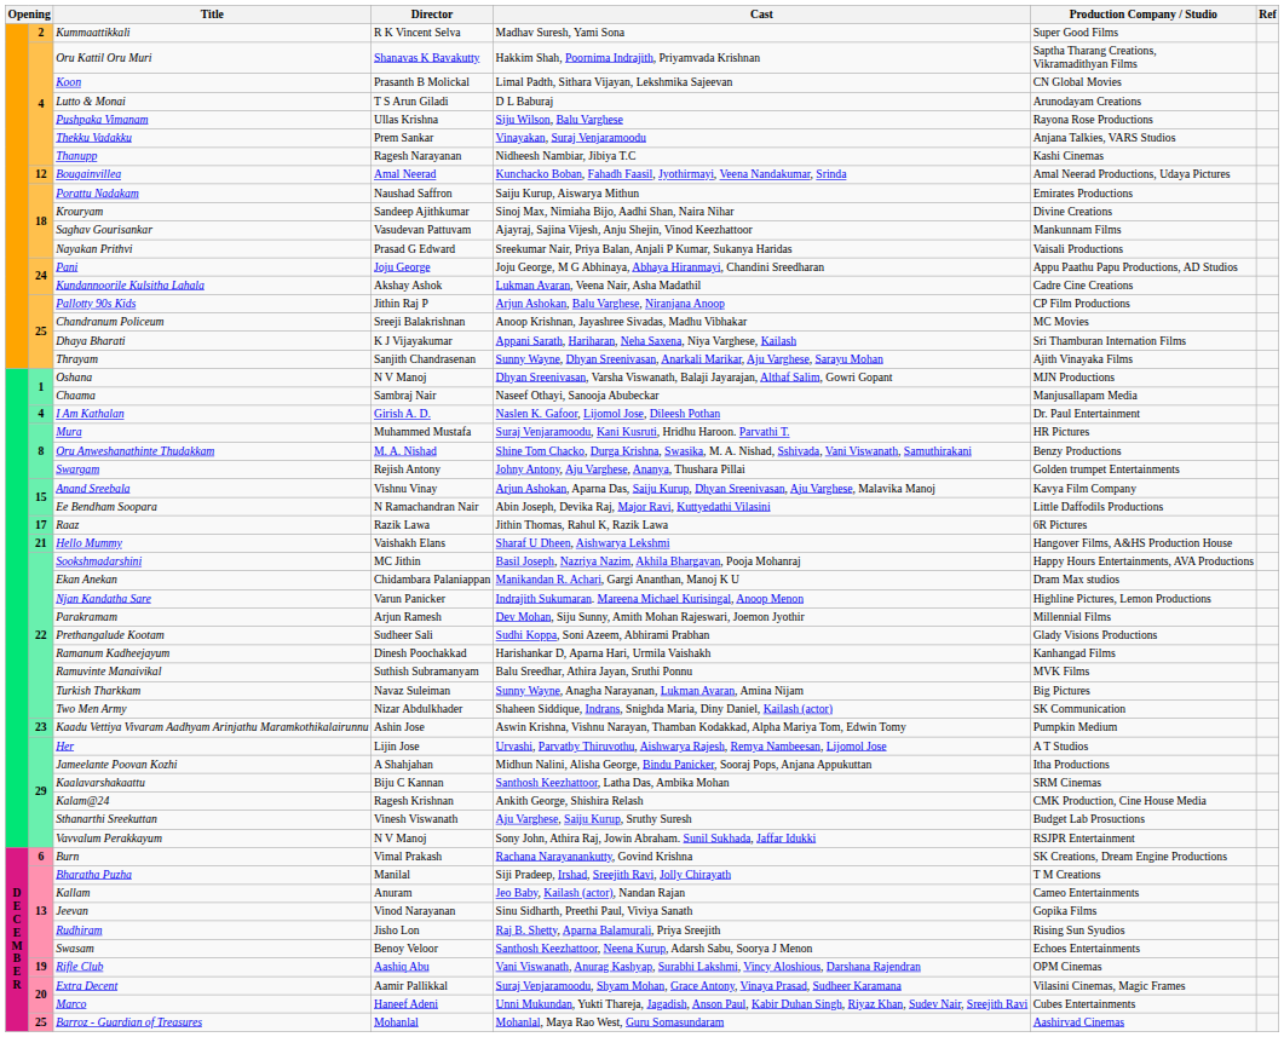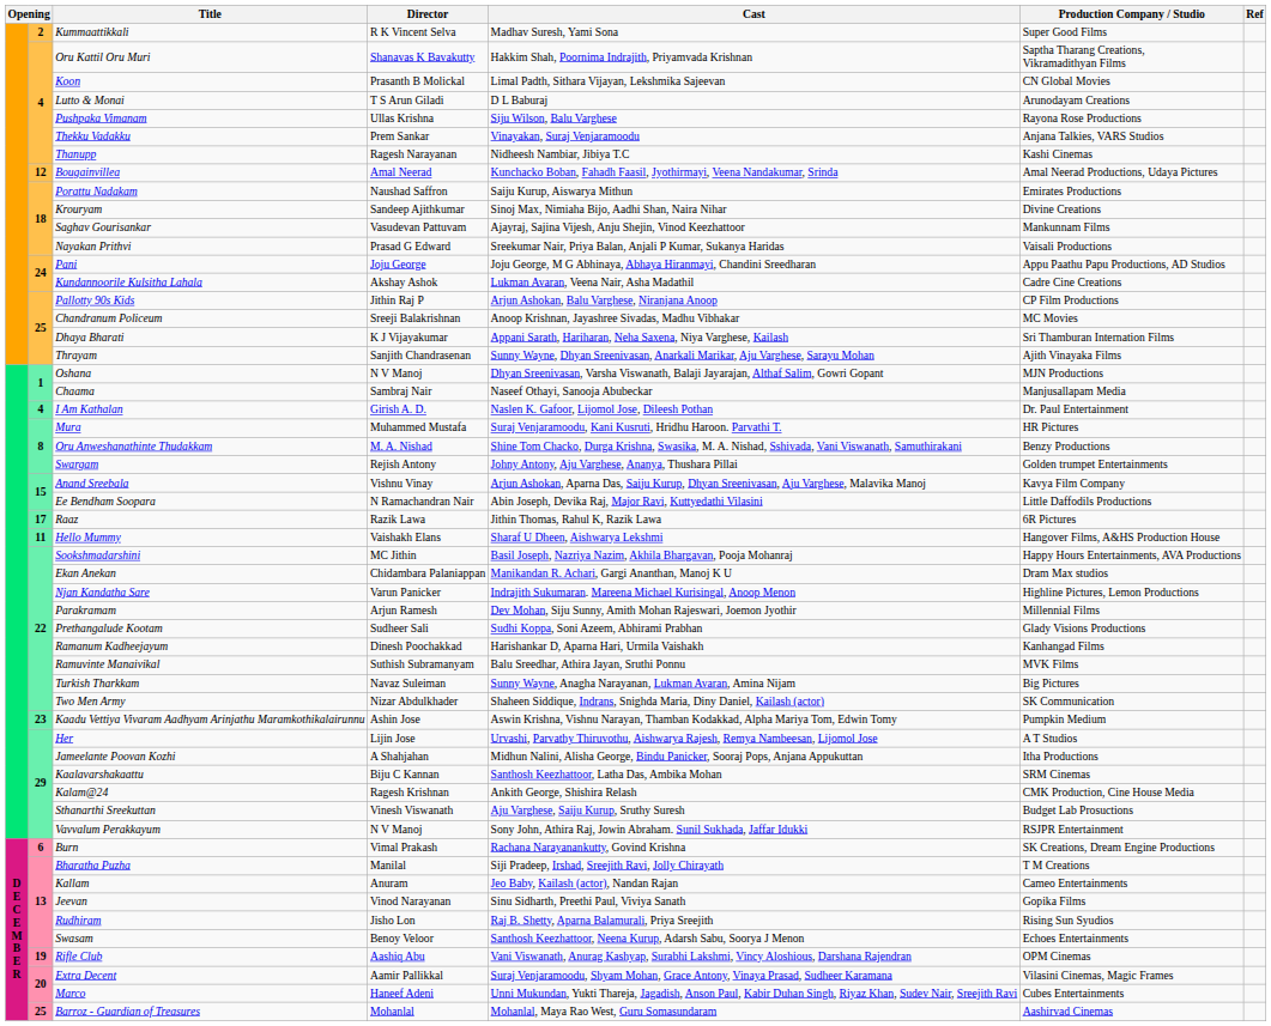 <table class="wikitable sortable">
 <tr>
 <th colspan="2" class="unsortable">Opening</th>
 <th>Title</th>
 <th>Director</th>
 <th>Cast</th>
 <th>Production Company / Studio</th>
 <th>Ref</th>
 </tr>
 <tr>
 <td rowspan="18" style="text-align:center; background:orange; textcolor:#000;"><strong></strong></td>
 <td rowspan="1" style="text-align:center;background:#ffc04c;"><strong>2</strong></td>
 <td><em>Kummaattikkali</em></td>
 <td>R K Vincent Selva</td>
 <td>Madhav Suresh, Yami Sona</td>
 <td>Super Good Films</td>
 <td></td>
 </tr>
 <tr October>
 <td rowspan="6" style="text-align:center;background:#ffc04c;"><strong>4</strong></td>
 <td><em>Oru Kattil Oru Muri</em></td>
 <td><a href='#'>Shanavas K Bavakutty</a></td>
 <td>Hakkim Shah, <a href='#'>Poornima Indrajith</a>, Priyamvada Krishnan</td>
 <td>Saptha Tharang Creations, <br> Vikramadithyan Films</td>
 <td></td>
 </tr>
 <tr>
 <td><em><a href='#'>Koon</a></em></td>
 <td>Prasanth B Molickal</td>
 <td>Limal Padth, Sithara Vijayan, Lekshmika Sajeevan</td>
 <td>CN Global Movies</td>
 <td></td>
 </tr>
 <tr>
 <td><em>Lutto & Monai</em></td>
 <td>T S Arun Giladi</td>
 <td>D L Baburaj</td>
 <td>Arunodayam Creations</td>
 <td></td>
 </tr>
 <tr>
 <td><em><a href='#'>Pushpaka Vimanam</a></em></td>
 <td>Ullas Krishna</td>
 <td><a href='#'>Siju Wilson</a>, <a href='#'>Balu Varghese</a></td>
 <td>Rayona Rose Productions</td>
 <td></td>
 </tr>
 <tr>
 <td><em><a href='#'>Thekku Vadakku</a></em></td>
 <td>Prem Sankar</td>
 <td><a href='#'>Vinayakan</a>, <a href='#'>Suraj Venjaramoodu</a></td>
 <td>Anjana Talkies, VARS Studios</td>
 <td></td>
 </tr>
 <tr>
 <td><em><a href='#'>Thanupp</a></em></td>
 <td>Ragesh Narayanan</td>
 <td>Nidheesh Nambiar, Jibiya T.C</td>
 <td>Kashi Cinemas</td>
 <td></td>
 </tr>
 <tr>
 <td rowspan="1" style="text-align:center;background:#ffc04c;"><strong>12</strong></td>
 <td><em><a href='#'>Bougainvillea</a></em></td>
 <td><a href='#'>Amal Neerad</a></td>
 <td><a href='#'>Kunchacko Boban</a>, <a href='#'>Fahadh Faasil</a>, <a href='#'>Jyothirmayi</a>, <a href='#'>Veena Nandakumar</a>, <a href='#'>Srinda</a></td>
 <td>Amal Neerad Productions, Udaya Pictures</td>
 <td></td>
 </tr>
 <tr>
 <td rowspan="4" style="text-align:center;background:#ffc04c;"><strong>18</strong></td>
 <td><em><a href='#'>Porattu Nadakam</a></em></td>
 <td>Naushad Saffron</td>
 <td>Saiju Kurup, Aiswarya Mithun</td>
 <td>Emirates Productions</td>
 <td></td>
 </tr>
 <tr>
 <td><em>Krouryam</em></td>
 <td>Sandeep Ajithkumar</td>
 <td>Sinoj Max, Nimiaha Bijo, Aadhi Shan, Naira Nihar</td>
 <td>Divine Creations</td>
 <td></td>
 </tr>
 <tr>
 <td><em>Saghav Gourisankar</em></td>
 <td>Vasudevan Pattuvam</td>
 <td>Ajayraj, Sajina Vijesh, Anju Shejin, Vinod Keezhattoor</td>
 <td>Mankunnam Films</td>
 <td></td>
 </tr>
 <tr>
 <td><em>Nayakan Prithvi</em></td>
 <td>Prasad G Edward</td>
 <td>Sreekumar Nair, Priya Balan, Anjali P Kumar, Sukanya Haridas</td>
 <td>Vaisali Productions</td>
 <td></td>
 </tr>
 <tr>
 <td rowspan="2" style="text-align:center;background:#ffc04c;"><strong>24</strong></td>
 <td><em><a href='#'>Pani</a></em></td>
 <td><a href='#'>Joju George</a></td>
 <td>Joju George, M G Abhinaya, <a href='#'>Abhaya Hiranmayi</a>, Chandini Sreedharan</td>
 <td>Appu Paathu Papu Productions, AD Studios</td>
 <td></td>
 </tr>
 <tr>
 <td><em><a href='#'>Kundannoorile Kulsitha Lahala</a></em></td>
 <td>Akshay Ashok</td>
 <td><a href='#'>Lukman Avaran</a>, Veena Nair, Asha Madathil</td>
 <td>Cadre Cine Creations</td>
 <td></td>
 </tr>
 <tr>
 <td rowspan="4" style="text-align:center;background:#ffc04c;"><strong>25</strong></td>
 <td><em><a href='#'>Pallotty 90s Kids</a></em></td>
 <td>Jithin Raj P</td>
 <td><a href='#'>Arjun Ashokan</a>, <a href='#'>Balu Varghese</a>, <a href='#'>Niranjana Anoop</a></td>
 <td>CP Film Productions</td>
 <td></td>
 </tr>
 <tr>
 <td><em>Chandranum Policeum</em></td>
 <td>Sreeji Balakrishnan</td>
 <td>Anoop Krishnan, Jayashree Sivadas, Madhu Vibhakar</td>
 <td>MC Movies</td>
 <td></td>
 </tr>
 <tr>
 <td><em>Dhaya Bharati</em></td>
 <td>K J Vijayakumar</td>
 <td><a href='#'>Appani Sarath</a>, <a href='#'>Hariharan</a>, <a href='#'>Neha Saxena</a>, Niya Varghese, <a href='#'>Kailash</a></td>
 <td>Sri Thamburan Internation Films</td>
 <td></td>
 </tr>
 <tr>
 <td><em>Thrayam</em></td>
 <td>Sanjith Chandrasenan</td>
 <td><a href='#'>Sunny Wayne</a>, <a href='#'>Dhyan Sreenivasan</a>, <a href='#'>Anarkali Marikar</a>, <a href='#'>Aju Varghese</a>, <a href='#'>Sarayu Mohan</a></td>
 <td>Ajith Vinayaka Films</td>
 <td></td>
 </tr>
 <tr>
 <td rowspan="26" style="text-align:center;background:#00E676; textcolor:#000;"><strong></strong></td>
 <td rowspan="2" style="text-align:center;background:#69F0AE;"><strong>1</strong></td>
 <td><em>Oshana</em></td>
 <td>N V Manoj</td>
 <td><a href='#'>Dhyan Sreenivasan</a>, Varsha Viswanath, Balaji Jayarajan, <a href='#'>Althaf Salim</a>, Gowri Gopant</td>
 <td>MJN Productions</td>
 <td></td>
 </tr>
 <tr>
 <td><em>Chaama</em></td>
 <td>Sambraj Nair</td>
 <td>Naseef Othayi, Sanooja Abubeckar</td>
 <td>Manjusallapam Media</td>
 <td></td>
 </tr>
 <tr>
 <td rowspan="1" style="text-align:center;background:#69F0AE;"><strong>4</strong></td>
 <td><em><a href='#'>I Am Kathalan</a></em></td>
 <td><a href='#'>Girish A. D.</a></td>
 <td><a href='#'>Naslen K. Gafoor</a>, <a href='#'>Lijomol Jose</a>, <a href='#'>Dileesh Pothan</a></td>
 <td>Dr. Paul Entertainment</td>
 <td></td>
 </tr>
 <tr>
 <td rowspan="3" style="text-align:center;background:#69F0AE;"><strong>8</strong></td>
 <td><em><a href='#'>Mura</a></em></td>
 <td>Muhammed Mustafa</td>
 <td><a href='#'>Suraj Venjaramoodu</a>, <a href='#'>Kani Kusruti</a>, Hridhu Haroon. <a href='#'>Parvathi T.</a></td>
 <td>HR Pictures</td>
 <td></td>
 </tr>
 <tr>
 <td><em><a href='#'>Oru Anweshanathinte Thudakkam</a></em></td>
 <td><a href='#'>M. A. Nishad</a></td>
 <td><a href='#'>Shine Tom Chacko</a>, <a href='#'>Durga Krishna</a>, <a href='#'>Swasika</a>, M. A. Nishad, <a href='#'>Sshivada</a>, <a href='#'>Vani Viswanath</a>, <a href='#'>Samuthirakani</a></td>
 <td>Benzy Productions</td>
 <td></td>
 </tr>
 <tr>
 <td><em><a href='#'>Swargam</a></em></td>
 <td>Rejish Antony</td>
 <td><a href='#'>Johny Antony</a>, <a href='#'>Aju Varghese</a>, <a href='#'>Ananya</a>, Thushara Pillai</td>
 <td>Golden trumpet Entertainments</td>
 <td></td>
 </tr>
 <tr>
 <td rowspan="2" style="text-align:center;background:#69F0AE;"><strong>15</strong></td>
 <td><em><a href='#'>Anand Sreebala</a></em></td>
 <td>Vishnu Vinay</td>
 <td><a href='#'>Arjun Ashokan</a>, Aparna Das, <a href='#'>Saiju Kurup</a>, <a href='#'>Dhyan Sreenivasan</a>, <a href='#'>Aju Varghese</a>, Malavika Manoj</td>
 <td>Kavya Film Company</td>
 <td></td>
 </tr>
 <tr>
 <td><em>Ee Bendham Soopara</em></td>
 <td>N Ramachandran Nair</td>
 <td>Abin Joseph, Devika Raj, <a href='#'>Major Ravi</a>, <a href='#'>Kuttyedathi Vilasini</a></td>
 <td>Little Daffodils Productions</td>
 <td></td>
 </tr>
 <tr>
 <td rowspan="1" style="text-align:center;background:#69F0AE;"><strong>17</strong></td>
 <td><em>Raaz</em></td>
 <td>Razik Lawa</td>
 <td>Jithin Thomas, Rahul K, Razik Lawa</td>
 <td>6R Pictures</td>
 <td></td>
 </tr>
 <tr>
-<td rowspan="1" style="text-align:center;background:#69F0AE;"><strong>21</strong></td>
+<td rowspan="1" style="text-align:center;background:#69F0AE;"><strong>11</strong></td>
 <td><em><a href='#'>Hello Mummy</a></em></td>
 <td>Vaishakh Elans</td>
 <td><a href='#'>Sharaf U Dheen</a>, <a href='#'>Aishwarya Lekshmi</a></td>
 <td>Hangover Films, A&HS Production House</td>
 <td></td>
 </tr>
 <tr>
 <td rowspan="9" style="text-align:center;background:#69F0AE;"><strong>22</strong></td>
 <td><em><a href='#'>Sookshmadarshini</a></em></td>
 <td>MC Jithin</td>
 <td><a href='#'>Basil Joseph</a>, <a href='#'>Nazriya Nazim</a>, <a href='#'>Akhila Bhargavan</a>, Pooja Mohanraj</td>
 <td>Happy Hours Entertainments, AVA Productions</td>
 <td></td>
 </tr>
 <tr>
 <td><em>Ekan Anekan</em></td>
 <td>Chidambara Palaniappan</td>
 <td><a href='#'>Manikandan R. Achari</a>, Gargi Ananthan, Manoj K U</td>
 <td>Dram Max studios</td>
 <td></td>
 </tr>
 <tr>
 <td><em><a href='#'>Njan Kandatha Sare</a></em></td>
 <td>Varun Panicker</td>
 <td><a href='#'>Indrajith Sukumaran</a>. <a href='#'>Mareena Michael Kurisingal</a>, <a href='#'>Anoop Menon</a></td>
 <td>Highline Pictures, Lemon Productions</td>
 <td></td>
 </tr>
 <tr>
 <td><em>Parakramam</em></td>
 <td>Arjun Ramesh</td>
 <td><a href='#'>Dev Mohan</a>, Siju Sunny, Amith Mohan Rajeswari, Joemon Jyothir</td>
 <td>Millennial Films</td>
 <td></td>
 </tr>
 <tr>
 <td><em>Prethangalude Kootam</em></td>
 <td>Sudheer Sali</td>
 <td><a href='#'>Sudhi Koppa</a>, Soni Azeem, Abhirami Prabhan</td>
 <td>Glady Visions Productions</td>
 <td></td>
 </tr>
 <tr>
 <td><em>Ramanum Kadheejayum</em></td>
 <td>Dinesh Poochakkad</td>
 <td>Harishankar D, Aparna Hari, Urmila Vaishakh</td>
 <td>Kanhangad Films</td>
 <td></td>
 </tr>
 <tr>
 <td><em>Ramuvinte Manaivikal</em></td>
 <td>Suthish Subramanyam</td>
 <td>Balu Sreedhar, Athira Jayan, Sruthi Ponnu</td>
 <td>MVK Films</td>
 <td></td>
 </tr>
 <tr>
 <td><em>Turkish Tharkkam</em></td>
 <td>Navaz Suleiman</td>
 <td><a href='#'>Sunny Wayne</a>, Anagha Narayanan, <a href='#'>Lukman Avaran</a>, Amina Nijam</td>
 <td>Big Pictures</td>
 <td></td>
 </tr>
 <tr>
 <td><em>Two Men Army</em></td>
 <td>Nizar Abdulkhader</td>
 <td>Shaheen Siddique, <a href='#'>Indrans</a>, Snighda Maria, Diny Daniel, <a href='#'>Kailash (actor)</a></td>
 <td>SK Communication</td>
 <td></td>
 </tr>
 <tr>
 <td rowspan="1" style="text-align:center;background:#69F0AE;"><strong>23</strong></td>
 <td><em>Kaadu Vettiya Vivaram Aadhyam Arinjathu Maramkothikalairunnu</em></td>
 <td>Ashin Jose</td>
 <td>Aswin Krishna, Vishnu Narayan, Thamban Kodakkad, Alpha Mariya Tom, Edwin Tomy</td>
 <td>Pumpkin Medium</td>
 <td></td>
 </tr>
 <tr>
 <td rowspan="6" style="text-align:center;background:#69F0AE;"><strong>29</strong></td>
 <td><em><a href='#'>Her</a></em></td>
 <td>Lijin Jose</td>
 <td><a href='#'>Urvashi</a>, <a href='#'>Parvathy Thiruvothu</a>, <a href='#'>Aishwarya Rajesh</a>, <a href='#'>Remya Nambeesan</a>, <a href='#'>Lijomol Jose</a></td>
 <td>A T Studios</td>
 <td></td>
 </tr>
 <tr>
 <td><em>Jameelante Poovan Kozhi</em></td>
 <td>A Shahjahan</td>
 <td>Midhun Nalini, Alisha George, <a href='#'>Bindu Panicker</a>, Sooraj Pops, Anjana Appukuttan</td>
 <td>Itha Productions</td>
 <td></td>
 </tr>
 <tr>
 <td><em>Kaalavarshakaattu</em></td>
 <td>Biju C Kannan</td>
 <td><a href='#'>Santhosh Keezhattoor</a>, Latha Das, Ambika Mohan</td>
 <td>SRM Cinemas</td>
 <td></td>
 </tr>
 <tr>
 <td><em>Kalam@24</em></td>
 <td>Ragesh Krishnan</td>
 <td>Ankith George, Shishira Relash</td>
 <td>CMK Production, Cine House Media</td>
 <td></td>
 </tr>
 <tr>
 <td><em>Sthanarthi Sreekuttan</em></td>
 <td>Vinesh Viswanath</td>
 <td><a href='#'>Aju Varghese</a>, <a href='#'>Saiju Kurup</a>, Sruthy Suresh</td>
 <td>Budget Lab Prosuctions</td>
 <td></td>
 </tr>
 <tr>
 <td><em>Vavvalum Perakkayum</em></td>
 <td>N V Manoj</td>
 <td>Sony John, Athira Raj, Jowin Abraham. <a href='#'>Sunil Sukhada</a>, <a href='#'>Jaffar Idukki</a></td>
 <td>RSJPR Entertainment</td>
 <td></td>
 </tr>
 <tr>
 <td rowspan="38" style="text-align:center;background:#DA1884; textcolor:#000;"><strong>D<br>E<br>C<br>E<br>M<br>B<br>E<br>R</strong></td>
 <td style="text-align:center;background:#FF91AF;"><strong>6</strong></td>
 <td><em>Burn</em></td>
 <td>Vimal Prakash</td>
 <td><a href='#'>Rachana Narayanankutty</a>, Govind Krishna</td>
 <td>SK Creations, Dream Engine Productions</td>
 <td></td>
 </tr>
 <tr>
 <td rowspan="5" style="text-align:center;background:#FF91AF;"><strong>13</strong></td>
 <td><a href='#'><em>Bharatha Puzha</em></a></td>
 <td>Manilal</td>
 <td>Siji Pradeep, <a href='#'>Irshad</a>, <a href='#'>Sreejith Ravi</a>, <a href='#'>Jolly Chirayath</a></td>
 <td>T M Creations</td>
 <td></td>
 </tr>
 <tr>
 <td><em>Kallam</em></td>
 <td>Anuram</td>
 <td><a href='#'>Jeo Baby</a>, <a href='#'>Kailash (actor)</a>, Nandan Rajan</td>
 <td>Cameo Entertainments</td>
 <td></td>
 </tr>
 <tr>
 <td><em>Jeevan</em></td>
 <td>Vinod Narayanan</td>
 <td>Sinu Sidharth, Preethi Paul, Viviya Sanath</td>
 <td>Gopika Films</td>
 <td></td>
 </tr>
 <tr>
 <td><em><a href='#'>Rudhiram</a></em></td>
 <td>Jisho Lon</td>
 <td><a href='#'>Raj B. Shetty</a>, <a href='#'>Aparna Balamurali</a>, Priya Sreejith</td>
 <td>Rising Sun Syudios</td>
 <td></td>
 </tr>
 <tr>
 <td><em>Swasam</em></td>
 <td>Benoy Veloor</td>
 <td><a href='#'>Santhosh Keezhattoor</a>, <a href='#'>Neena Kurup</a>, Adarsh Sabu, Soorya J Menon</td>
 <td>Echoes Entertainments</td>
 <td></td>
 </tr>
 <tr>
 <td style="text-align:center;background:#FF91AF;"><strong>19</strong></td>
 <td><em><a href='#'>Rifle Club</a></em></td>
 <td><a href='#'>Aashiq Abu</a></td>
 <td><a href='#'>Vani Viswanath</a>, <a href='#'>Anurag Kashyap</a>, <a href='#'>Surabhi Lakshmi</a>, <a href='#'>Vincy Aloshious</a>, <a href='#'>Darshana Rajendran</a></td>
 <td>OPM Cinemas</td>
 <td></td>
 </tr>
 <tr>
 <td rowspan="2" style="text-align:center;background:#FF91AF;"><strong>20</strong></td>
 <td><em><a href='#'>Extra Decent</a></em></td>
 <td>Aamir Pallikkal</td>
 <td><a href='#'>Suraj Venjaramoodu</a>, <a href='#'>Shyam Mohan</a>, <a href='#'>Grace Antony</a>, <a href='#'>Vinaya Prasad</a>, <a href='#'>Sudheer Karamana</a></td>
 <td>Vilasini Cinemas, Magic Frames</td>
 <td></td>
 </tr>
 <tr>
 <td><a href='#'><em>Marco</em></a></td>
 <td><a href='#'>Haneef Adeni</a></td>
 <td><a href='#'>Unni Mukundan</a>, Yukti Thareja, <a href='#'>Jagadish</a>, <a href='#'>Anson Paul</a>, <a href='#'>Kabir Duhan Singh</a>, <a href='#'>Riyaz Khan</a>, <a href='#'>Sudev Nair</a>, <a href='#'>Sreejith Ravi</a></td>
 <td>Cubes Entertainments</td>
 <td></td>
 </tr>
 <tr>
 <td style="text-align:center;background:#FF91AF;"><strong>25</strong></td>
 <td><em><a href='#'>Barroz - Guardian of Treasures</a></em></td>
 <td><a href='#'>Mohanlal</a></td>
 <td><a href='#'>Mohanlal</a>, Maya Rao West, <a href='#'>Guru Somasundaram</a></td>
 <td><a href='#'>Aashirvad Cinemas</a></td>
 <td></td>
 </tr>
 </table>
